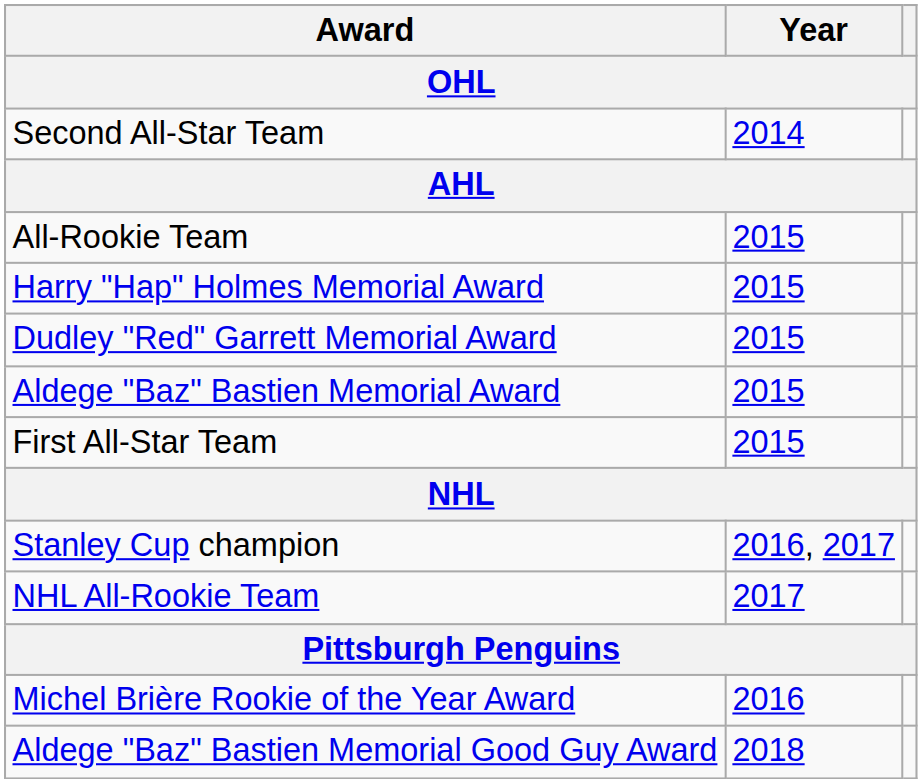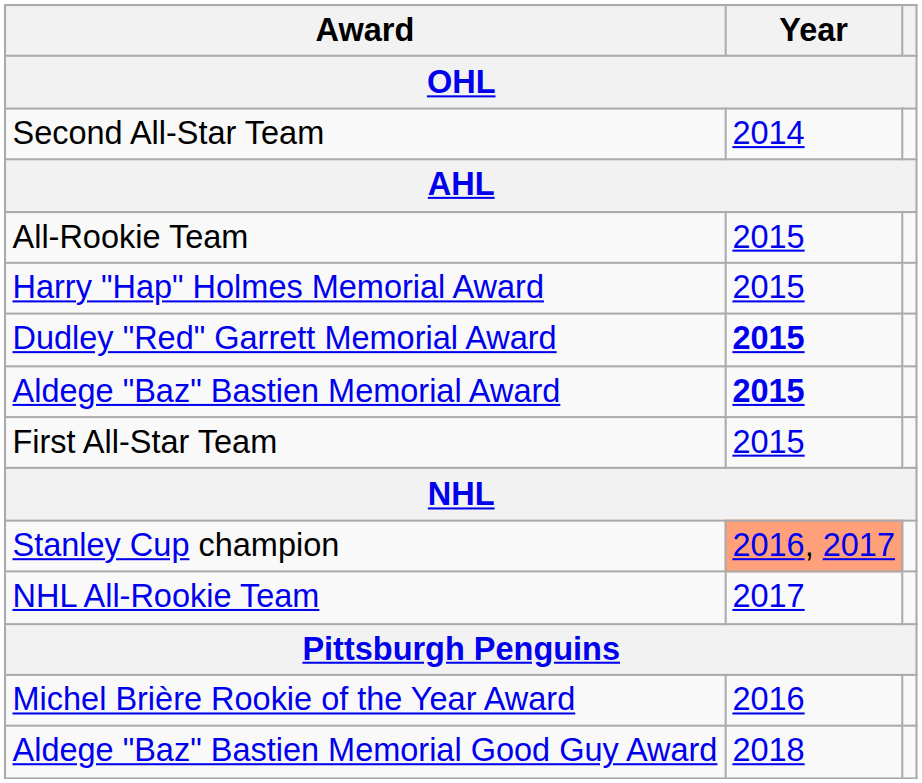 <table class="wikitable">
 <tr>
 <th>Award</th>
 <th>Year</th>
 <th></th>
 </tr>
 <tr>
 <th colspan="3"><a href='#'>OHL</a></th>
 </tr>
 <tr>
 <td>Second All-Star Team</td>
 <td><a href='#'>2014</a></td>
 <td></td>
 </tr>
 <tr>
 <th colspan="3"><a href='#'>AHL</a></th>
 </tr>
 <tr>
 <td>All-Rookie Team</td>
 <td><a href='#'>2015</a></td>
 <td></td>
 </tr>
 <tr>
 <td><a href='#'>Harry "Hap" Holmes Memorial Award</a></td>
 <td><a href='#'>2015</a></td>
 <td></td>
 </tr>
 <tr>
 <td><a href='#'>Dudley "Red" Garrett Memorial Award</a></td>
-<td><a href='#'>2015</a></td>
+<td><strong><a href='#'>2015</a></strong></td>
 <td></td>
 </tr>
 <tr>
 <td><a href='#'>Aldege "Baz" Bastien Memorial Award</a></td>
-<td><a href='#'>2015</a></td>
+<td><strong><a href='#'>2015</a></strong></td>
 <td></td>
 </tr>
 <tr>
 <td>First All-Star Team</td>
 <td><a href='#'>2015</a></td>
 <td></td>
 </tr>
 <tr>
 <th colspan="3"><a href='#'>NHL</a></th>
 </tr>
 <tr>
 <td><a href='#'>Stanley Cup</a> champion</td>
-<td><a href='#'>2016</a>, <a href='#'>2017</a></td>
+<td style="background: lightsalmon;"><a href='#'>2016</a>, <a href='#'>2017</a></td>
 <td></td>
 </tr>
 <tr>
 <td><a href='#'>NHL All-Rookie Team</a></td>
 <td><a href='#'>2017</a></td>
 <td></td>
 </tr>
 <tr>
 <th colspan="3"><a href='#'>Pittsburgh Penguins</a></th>
 </tr>
 <tr>
 <td><a href='#'>Michel Brière Rookie of the Year Award</a></td>
 <td><a href='#'>2016</a></td>
 <td></td>
 </tr>
 <tr>
 <td><a href='#'>Aldege "Baz" Bastien Memorial Good Guy Award</a></td>
 <td><a href='#'>2018</a></td>
 <td></td>
 </tr>
 </table>
